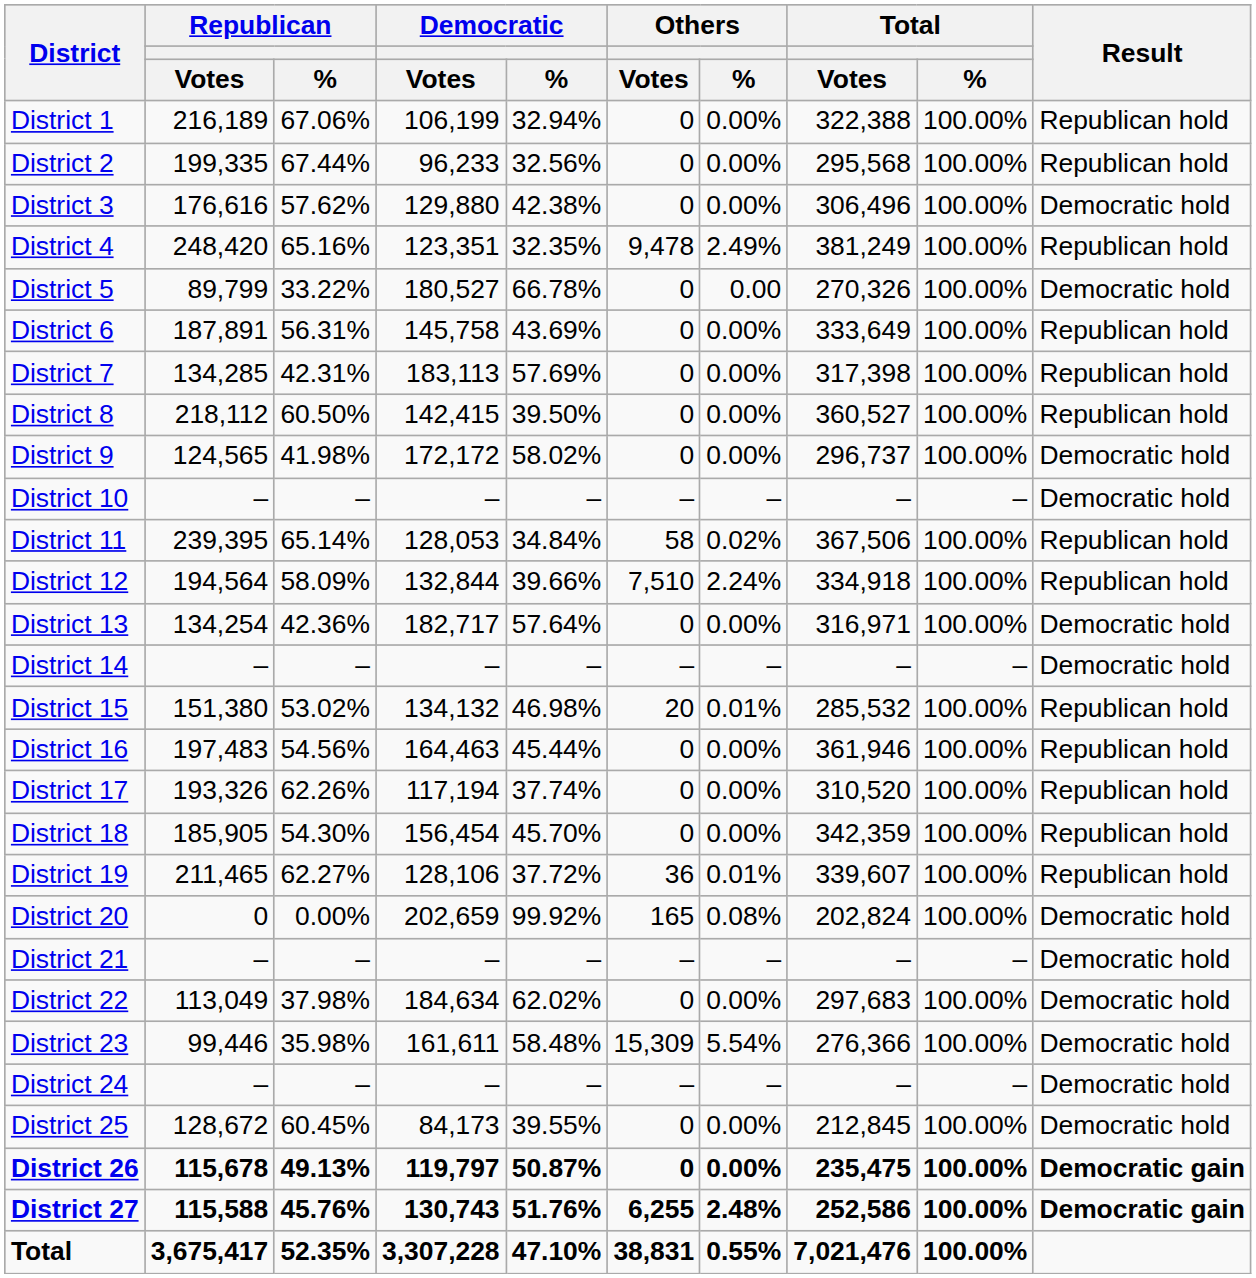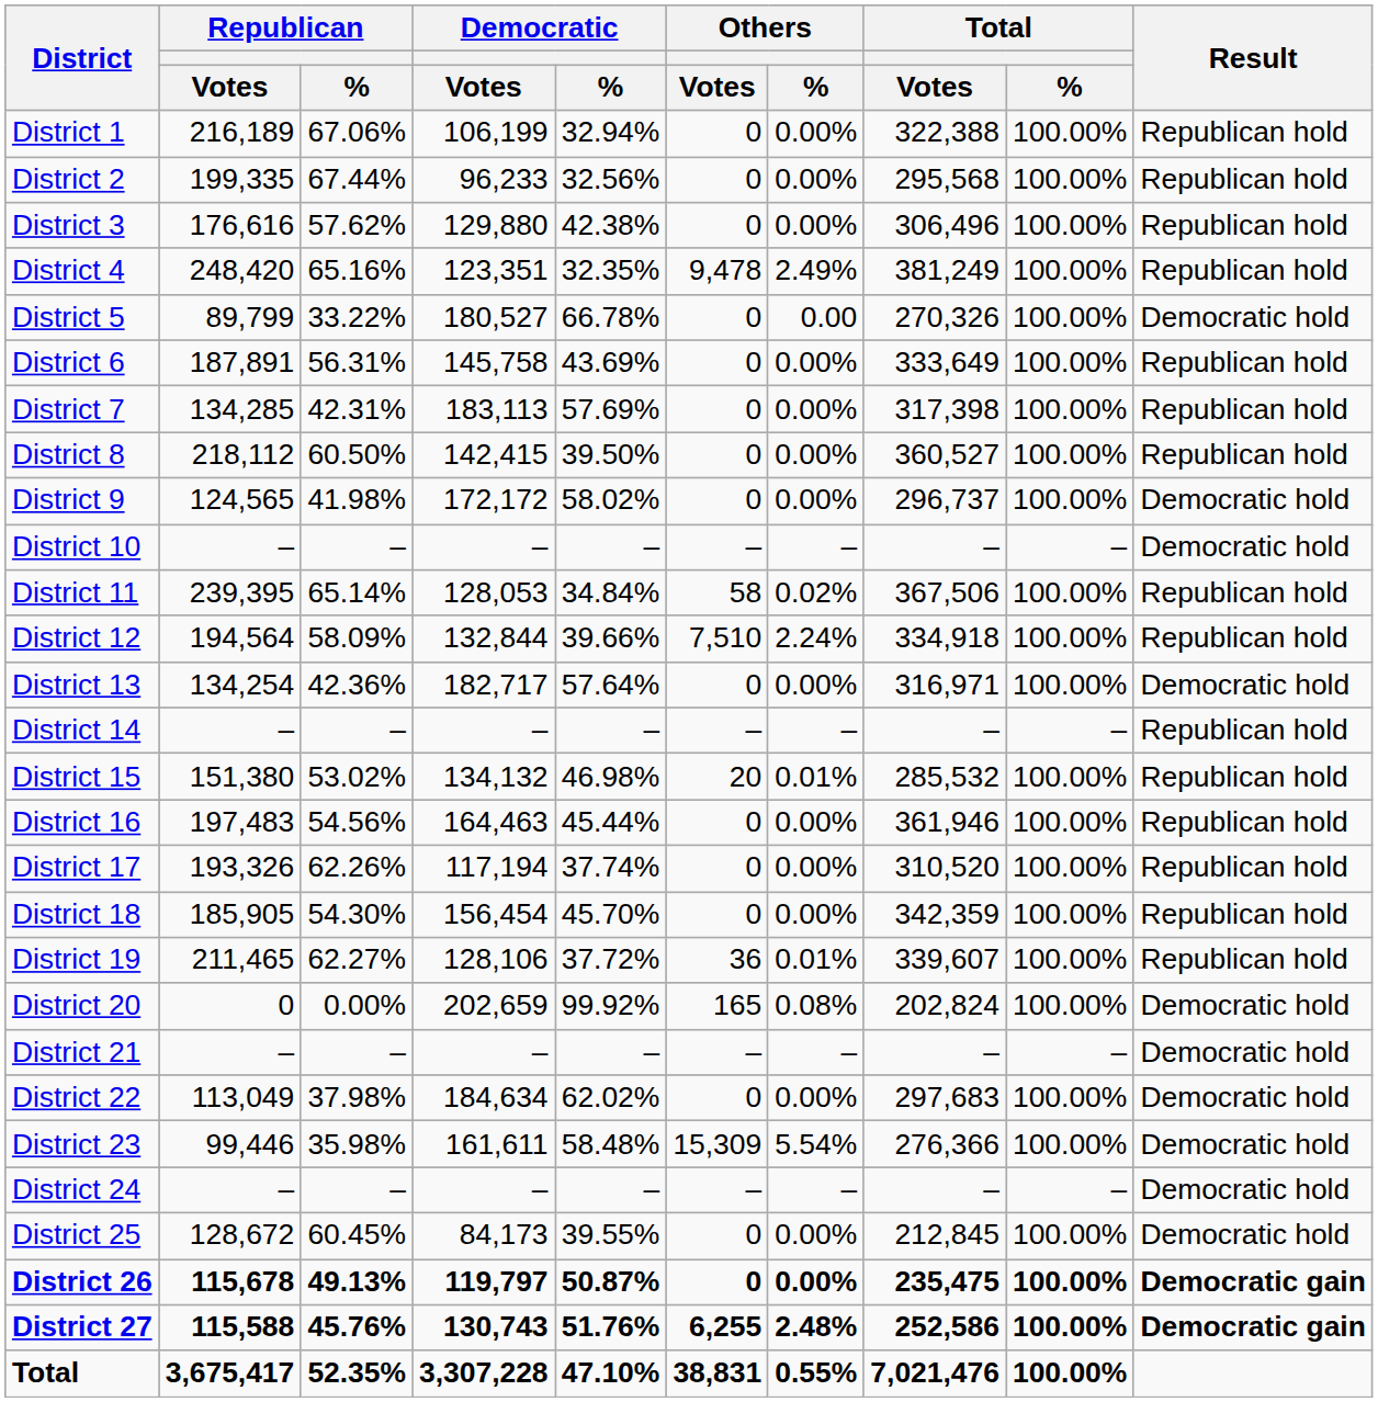 <table class="wikitable plainrowheaders sortable" style="font-size:100%; text-align:right;">
 <tr>
 <th rowspan="3" scope="col"><a href='#'>District</a></th>
 <th colspan="2" scope="col"><a href='#'>Republican</a></th>
 <th colspan="2" scope="col"><a href='#'>Democratic</a></th>
 <th colspan="2" scope="col">Others</th>
 <th colspan="2" scope="col">Total</th>
 <th rowspan="3" scope="col">Result</th>
 </tr>
 <tr>
 <th colspan="2" scope="col" style="background:"></th>
 <th colspan="2" scope="col" style="background:"></th>
 <th colspan="2" scope="col"></th>
 <th colspan="2" scope="col"></th>
 </tr>
 <tr>
 <th data-sort-type="number" scope="col">Votes</th>
 <th data-sort-type="number" scope="col">%</th>
 <th data-sort-type="number" scope="col">Votes</th>
 <th data-sort-type="number" scope="col">%</th>
 <th data-sort-type="number" scope="col">Votes</th>
 <th data-sort-type="number" scope="col">%</th>
 <th data-sort-type="number" scope="col">Votes</th>
 <th data-sort-type="number" scope="col">%</th>
 </tr>
 <tr>
 <td align="left"><a href='#'>District 1</a></td>
 <td>216,189</td>
 <td>67.06%</td>
 <td>106,199</td>
 <td>32.94%</td>
 <td>0</td>
 <td>0.00%</td>
 <td>322,388</td>
 <td>100.00%</td>
 <td align="left">Republican hold</td>
 </tr>
 <tr>
 <td align="left"><a href='#'>District 2</a></td>
 <td>199,335</td>
 <td>67.44%</td>
 <td>96,233</td>
 <td>32.56%</td>
 <td>0</td>
 <td>0.00%</td>
 <td>295,568</td>
 <td>100.00%</td>
 <td align="left">Republican hold</td>
 </tr>
 <tr>
 <td align="left"><a href='#'>District 3</a></td>
 <td>176,616</td>
 <td>57.62%</td>
 <td>129,880</td>
 <td>42.38%</td>
 <td>0</td>
 <td>0.00%</td>
 <td>306,496</td>
 <td>100.00%</td>
-<td align="left">Democratic hold</td>
+<td align="left">Republican hold</td>
 </tr>
 <tr>
 <td align="left"><a href='#'>District 4</a></td>
 <td>248,420</td>
 <td>65.16%</td>
 <td>123,351</td>
 <td>32.35%</td>
 <td>9,478</td>
 <td>2.49%</td>
 <td>381,249</td>
 <td>100.00%</td>
 <td align="left">Republican hold</td>
 </tr>
 <tr>
 <td align="left"><a href='#'>District 5</a></td>
 <td>89,799</td>
 <td>33.22%</td>
 <td>180,527</td>
 <td>66.78%</td>
 <td>0</td>
 <td>0.00</td>
 <td>270,326</td>
 <td>100.00%</td>
 <td align="left">Democratic hold</td>
 </tr>
 <tr>
 <td align="left"><a href='#'>District 6</a></td>
 <td>187,891</td>
 <td>56.31%</td>
 <td>145,758</td>
 <td>43.69%</td>
 <td>0</td>
 <td>0.00%</td>
 <td>333,649</td>
 <td>100.00%</td>
 <td align="left">Republican hold</td>
 </tr>
 <tr>
 <td align="left"><a href='#'>District 7</a></td>
 <td>134,285</td>
 <td>42.31%</td>
 <td>183,113</td>
 <td>57.69%</td>
 <td>0</td>
 <td>0.00%</td>
 <td>317,398</td>
 <td>100.00%</td>
 <td align="left">Republican hold</td>
 </tr>
 <tr>
 <td align="left"><a href='#'>District 8</a></td>
 <td>218,112</td>
 <td>60.50%</td>
 <td>142,415</td>
 <td>39.50%</td>
 <td>0</td>
 <td>0.00%</td>
 <td>360,527</td>
 <td>100.00%</td>
 <td align="left">Republican hold</td>
 </tr>
 <tr>
 <td align="left"><a href='#'>District 9</a></td>
 <td>124,565</td>
 <td>41.98%</td>
 <td>172,172</td>
 <td>58.02%</td>
 <td>0</td>
 <td>0.00%</td>
 <td>296,737</td>
 <td>100.00%</td>
 <td align="left">Democratic hold</td>
 </tr>
 <tr>
 <td align="left"><a href='#'>District 10</a></td>
 <td>–</td>
 <td>–</td>
 <td>–</td>
 <td>–</td>
 <td>–</td>
 <td>–</td>
 <td>–</td>
 <td>–</td>
 <td align="left">Democratic hold</td>
 </tr>
 <tr>
 <td align="left"><a href='#'>District 11</a></td>
 <td>239,395</td>
 <td>65.14%</td>
 <td>128,053</td>
 <td>34.84%</td>
 <td>58</td>
 <td>0.02%</td>
 <td>367,506</td>
 <td>100.00%</td>
 <td align="left">Republican hold</td>
 </tr>
 <tr>
 <td align="left"><a href='#'>District 12</a></td>
 <td>194,564</td>
 <td>58.09%</td>
 <td>132,844</td>
 <td>39.66%</td>
 <td>7,510</td>
 <td>2.24%</td>
 <td>334,918</td>
 <td>100.00%</td>
 <td align="left">Republican hold</td>
 </tr>
 <tr>
 <td align="left"><a href='#'>District 13</a></td>
 <td>134,254</td>
 <td>42.36%</td>
 <td>182,717</td>
 <td>57.64%</td>
 <td>0</td>
 <td>0.00%</td>
 <td>316,971</td>
 <td>100.00%</td>
 <td align="left">Democratic hold</td>
 </tr>
 <tr>
 <td align="left"><a href='#'>District 14</a></td>
 <td>–</td>
 <td>–</td>
 <td>–</td>
 <td>–</td>
 <td>–</td>
 <td>–</td>
 <td>–</td>
 <td>–</td>
-<td align="left">Democratic hold</td>
+<td align="left">Republican hold</td>
 </tr>
 <tr>
 <td align="left"><a href='#'>District 15</a></td>
 <td>151,380</td>
 <td>53.02%</td>
 <td>134,132</td>
 <td>46.98%</td>
 <td>20</td>
 <td>0.01%</td>
 <td>285,532</td>
 <td>100.00%</td>
 <td align="left">Republican hold</td>
 </tr>
 <tr>
 <td align="left"><a href='#'>District 16</a></td>
 <td>197,483</td>
 <td>54.56%</td>
 <td>164,463</td>
 <td>45.44%</td>
 <td>0</td>
 <td>0.00%</td>
 <td>361,946</td>
 <td>100.00%</td>
 <td align="left">Republican hold</td>
 </tr>
 <tr>
 <td align="left"><a href='#'>District 17</a></td>
 <td>193,326</td>
 <td>62.26%</td>
 <td>117,194</td>
 <td>37.74%</td>
 <td>0</td>
 <td>0.00%</td>
 <td>310,520</td>
 <td>100.00%</td>
 <td align="left">Republican hold</td>
 </tr>
 <tr>
 <td align="left"><a href='#'>District 18</a></td>
 <td>185,905</td>
 <td>54.30%</td>
 <td>156,454</td>
 <td>45.70%</td>
 <td>0</td>
 <td>0.00%</td>
 <td>342,359</td>
 <td>100.00%</td>
 <td align="left">Republican hold</td>
 </tr>
 <tr>
 <td align="left"><a href='#'>District 19</a></td>
 <td>211,465</td>
 <td>62.27%</td>
 <td>128,106</td>
 <td>37.72%</td>
 <td>36</td>
 <td>0.01%</td>
 <td>339,607</td>
 <td>100.00%</td>
 <td align="left">Republican hold</td>
 </tr>
 <tr>
 <td align="left"><a href='#'>District 20</a></td>
 <td>0</td>
 <td>0.00%</td>
 <td>202,659</td>
 <td>99.92%</td>
 <td>165</td>
 <td>0.08%</td>
 <td>202,824</td>
 <td>100.00%</td>
 <td align="left">Democratic hold</td>
 </tr>
 <tr>
 <td align="left"><a href='#'>District 21</a></td>
 <td>–</td>
 <td>–</td>
 <td>–</td>
 <td>–</td>
 <td>–</td>
 <td>–</td>
 <td>–</td>
 <td>–</td>
 <td align="left">Democratic hold</td>
 </tr>
 <tr>
 <td align="left"><a href='#'>District 22</a></td>
 <td>113,049</td>
 <td>37.98%</td>
 <td>184,634</td>
 <td>62.02%</td>
 <td>0</td>
 <td>0.00%</td>
 <td>297,683</td>
 <td>100.00%</td>
 <td align="left">Democratic hold</td>
 </tr>
 <tr>
 <td align="left"><a href='#'>District 23</a></td>
 <td>99,446</td>
 <td>35.98%</td>
 <td>161,611</td>
 <td>58.48%</td>
 <td>15,309</td>
 <td>5.54%</td>
 <td>276,366</td>
 <td>100.00%</td>
 <td align="left">Democratic hold</td>
 </tr>
 <tr>
 <td align="left"><a href='#'>District 24</a></td>
 <td>–</td>
 <td>–</td>
 <td>–</td>
 <td>–</td>
 <td>–</td>
 <td>–</td>
 <td>–</td>
 <td>–</td>
 <td align="left">Democratic hold</td>
 </tr>
 <tr>
 <td align="left"><a href='#'>District 25</a></td>
 <td>128,672</td>
 <td>60.45%</td>
 <td>84,173</td>
 <td>39.55%</td>
 <td>0</td>
 <td>0.00%</td>
 <td>212,845</td>
 <td>100.00%</td>
 <td align="left">Democratic hold</td>
 </tr>
 <tr>
 <td align="left"><strong><a href='#'>District 26</a></strong></td>
 <td><strong>115,678</strong></td>
 <td><strong>49.13%</strong></td>
 <td><strong>119,797</strong></td>
 <td><strong>50.87%</strong></td>
 <td><strong>0</strong></td>
 <td><strong>0.00%</strong></td>
 <td><strong>235,475</strong></td>
 <td><strong>100.00%</strong></td>
 <td align="left"><strong>Democratic gain</strong></td>
 </tr>
 <tr>
 <td align="left"><strong><a href='#'>District 27</a></strong></td>
 <td><strong>115,588</strong></td>
 <td><strong>45.76%</strong></td>
 <td><strong>130,743</strong></td>
 <td><strong>51.76%</strong></td>
 <td><strong>6,255</strong></td>
 <td><strong>2.48%</strong></td>
 <td><strong>252,586</strong></td>
 <td><strong>100.00%</strong></td>
 <td align="left"><strong>Democratic gain</strong></td>
 </tr>
 <tr class="sortbottom" style="font-weight:bold">
 <td align="left">Total</td>
 <td>3,675,417</td>
 <td>52.35%</td>
 <td>3,307,228</td>
 <td>47.10%</td>
 <td>38,831</td>
 <td>0.55%</td>
 <td>7,021,476</td>
 <td>100.00%</td>
 <td></td>
 </tr>
 </table>
